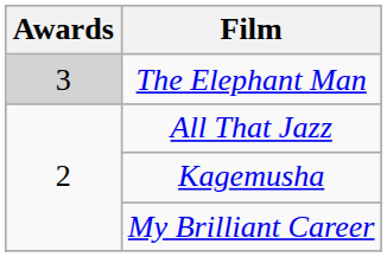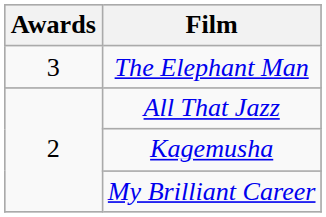 <table class="wikitable" style="text-align:center;">
 <tr>
 <th style="background:">Awards</th>
 <th style="background:">Film</th>
 </tr>
 <tr>
-<td style="background: lightgrey;">3</td>
+<td>3</td>
 <td><em><a href='#'>The Elephant Man</a></em></td>
 </tr>
 <tr>
 <td rowspan="3">2</td>
 <td><em><a href='#'>All That Jazz</a></em></td>
 </tr>
 <tr>
 <td><em><a href='#'>Kagemusha</a></em></td>
 </tr>
 <tr>
 <td><em><a href='#'>My Brilliant Career</a></em></td>
 </tr>
 </table>
